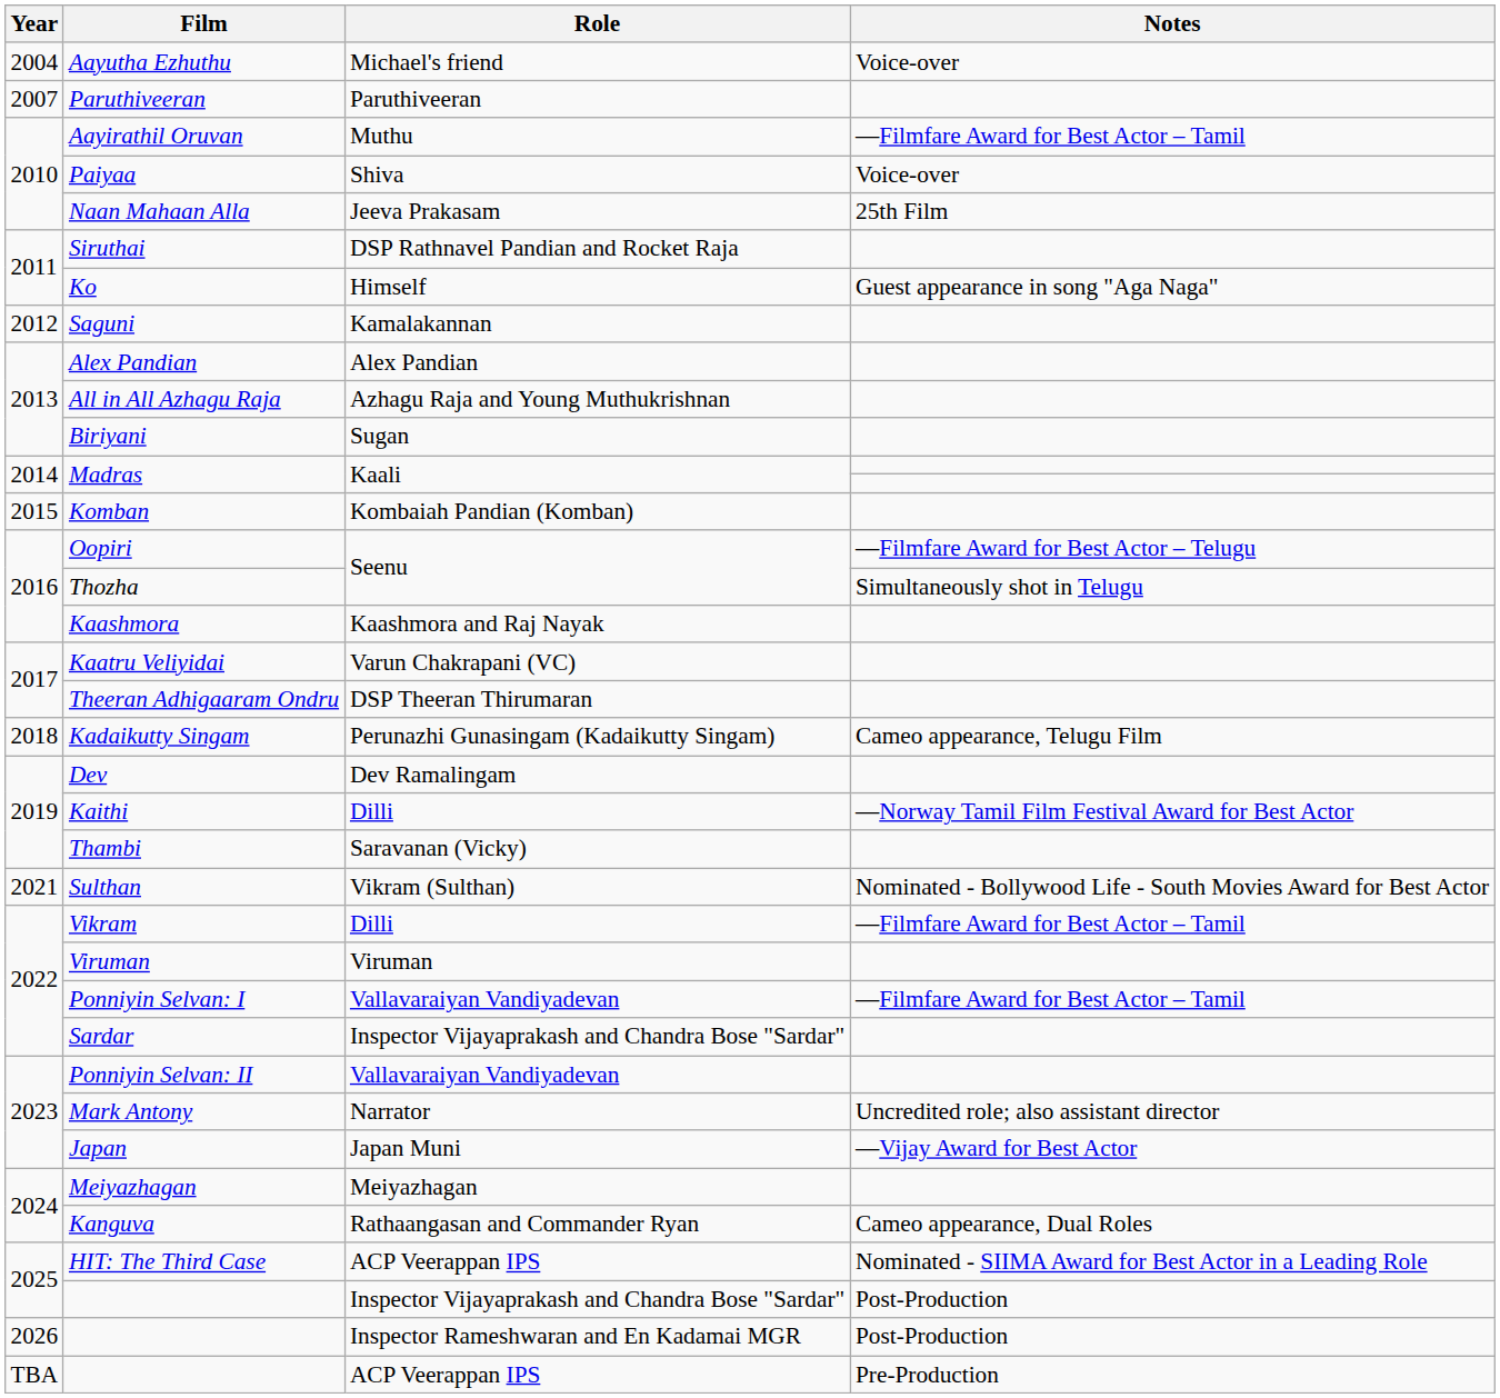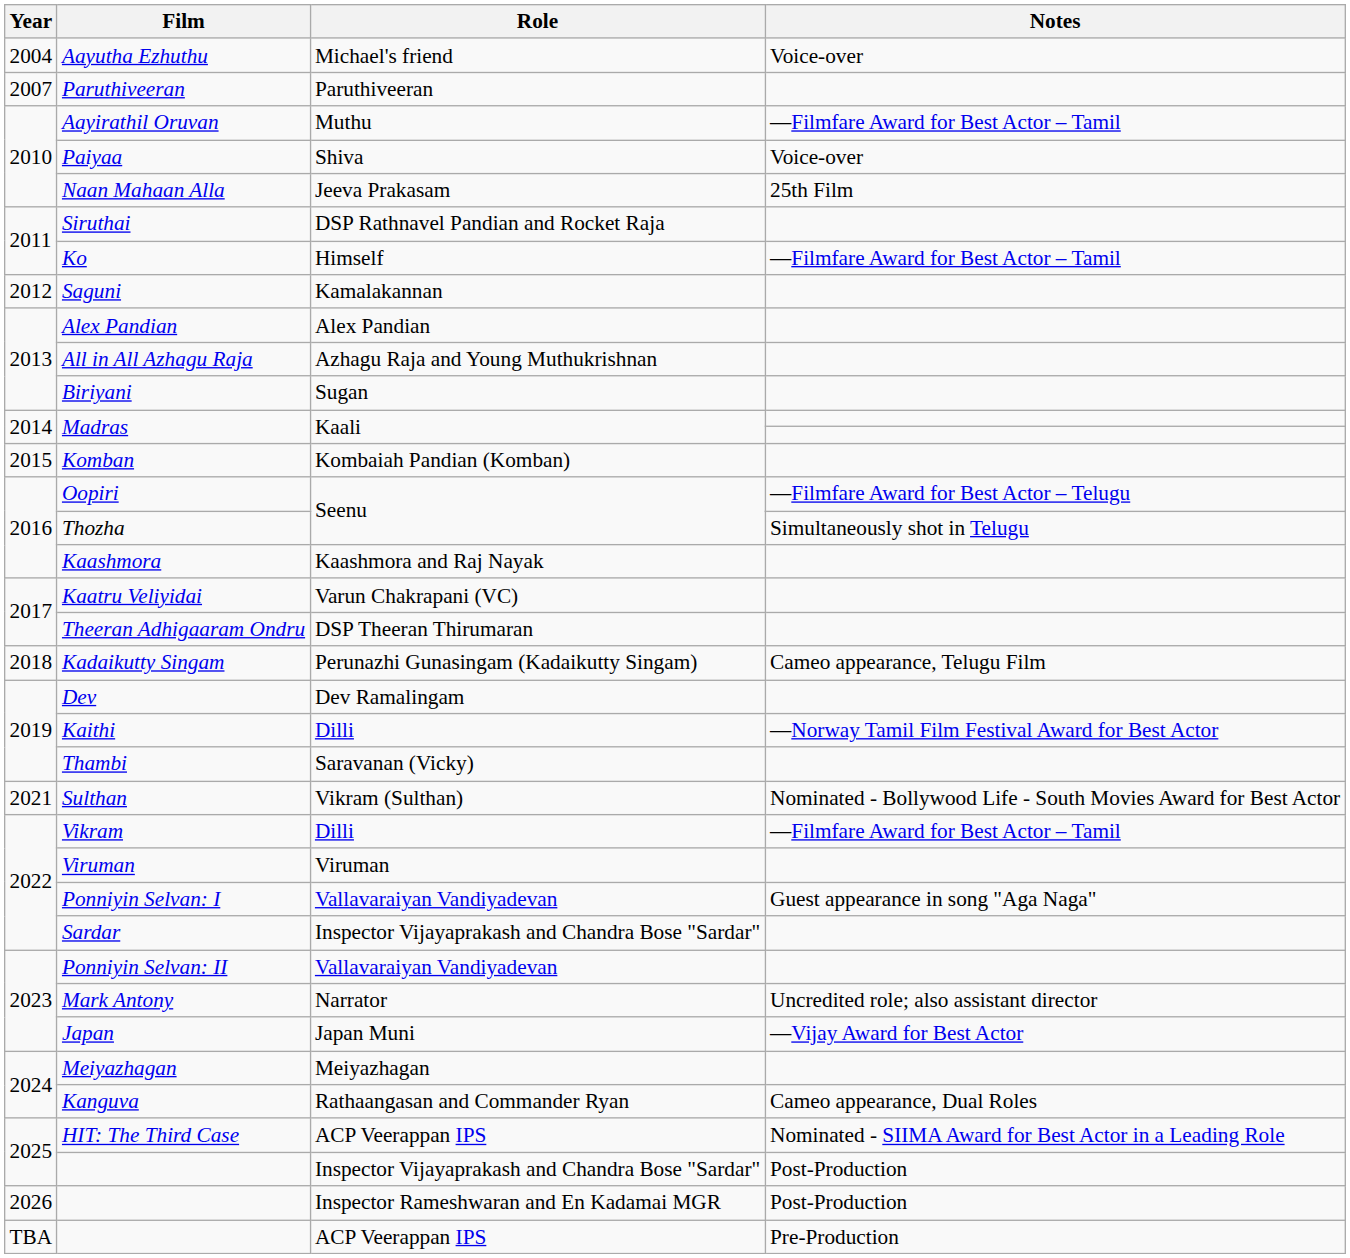 <table class="wikitable sortable">
 <tr>
 <th scope="col">Year</th>
 <th scope="col">Film</th>
 <th scope="col">Role</th>
 <th scope="col" class="unsortable">Notes</th>
 </tr>
 <tr>
 <td>2004</td>
 <td><em><a href='#'>Aayutha Ezhuthu</a></em></td>
 <td>Michael's friend</td>
 <td>Voice-over</td>
 </tr>
 <tr>
 <td>2007</td>
 <td><em><a href='#'>Paruthiveeran</a></em></td>
 <td>Paruthiveeran</td>
 <td></td>
 </tr>
 <tr>
 <td rowspan="3">2010</td>
 <td><em><a href='#'>Aayirathil Oruvan</a></em></td>
 <td>Muthu</td>
 <td>—<a href='#'>Filmfare Award for Best Actor – Tamil</a></td>
 </tr>
 <tr>
 <td><em><a href='#'>Paiyaa</a></em></td>
 <td>Shiva</td>
 <td>Voice-over</td>
 </tr>
 <tr>
 <td><em><a href='#'>Naan Mahaan Alla</a></em></td>
 <td>Jeeva Prakasam</td>
 <td>25th Film</td>
 </tr>
 <tr>
 <td rowspan="2">2011</td>
 <td><em><a href='#'>Siruthai</a></em></td>
 <td>DSP Rathnavel Pandian and Rocket Raja</td>
 <td></td>
 </tr>
 <tr>
 <td><em><a href='#'>Ko</a></em></td>
 <td>Himself</td>
-<td>Guest appearance in song "Aga Naga"</td>
+<td>—<a href='#'>Filmfare Award for Best Actor – Tamil</a></td>
 </tr>
 <tr>
 <td>2012</td>
 <td><em><a href='#'>Saguni</a></em></td>
 <td>Kamalakannan</td>
 <td></td>
 </tr>
 <tr>
 <td rowspan="3">2013</td>
 <td><em><a href='#'>Alex Pandian</a></em></td>
 <td>Alex Pandian</td>
 <td></td>
 </tr>
 <tr>
 <td><em><a href='#'>All in All Azhagu Raja</a></em></td>
 <td>Azhagu Raja and Young Muthukrishnan</td>
 <td></td>
 </tr>
 <tr>
 <td><em><a href='#'>Biriyani</a></em></td>
 <td>Sugan</td>
 <td></td>
 </tr>
 <tr>
 <td rowspan=2>2014</td>
 <td rowspan=2><em><a href='#'>Madras</a></em></td>
 <td rowspan=2>Kaali</td>
 <td></td>
 </tr>
 <tr>
 <td></td>
 </tr>
 <tr>
 <td>2015</td>
 <td><em><a href='#'>Komban</a></em></td>
 <td>Kombaiah Pandian (Komban)</td>
 <td></td>
 </tr>
 <tr>
 <td rowspan="4">2016</td>
 <td rowspan=2><em><a href='#'>Oopiri</a></em></td>
 <td rowspan="3">Seenu</td>
 <td>—<a href='#'>Filmfare Award for Best Actor – Telugu</a></td>
 </tr>
 <tr>
 <td rowspan="2">Simultaneously shot in <a href='#'>Telugu</a></td>
 </tr>
 <tr>
 <td><em>Thozha</em></td>
 </tr>
 <tr>
 <td><em><a href='#'>Kaashmora</a></em></td>
 <td>Kaashmora and Raj Nayak</td>
 <td></td>
 </tr>
 <tr>
 <td rowspan="2">2017</td>
 <td><em><a href='#'>Kaatru Veliyidai</a></em></td>
 <td>Varun Chakrapani (VC)</td>
 <td></td>
 </tr>
 <tr>
 <td><em><a href='#'>Theeran Adhigaaram Ondru</a></em></td>
 <td>DSP Theeran Thirumaran</td>
 <td></td>
 </tr>
 <tr>
 <td>2018</td>
 <td><em><a href='#'>Kadaikutty Singam</a></em></td>
 <td>Perunazhi Gunasingam (Kadaikutty Singam)</td>
 <td>Cameo appearance, Telugu Film</td>
 </tr>
 <tr>
 <td rowspan="3">2019</td>
 <td><em><a href='#'>Dev</a></em></td>
 <td>Dev Ramalingam</td>
 <td></td>
 </tr>
 <tr>
 <td><em><a href='#'>Kaithi</a></em></td>
 <td><a href='#'>Dilli</a></td>
 <td>—<a href='#'>Norway Tamil Film Festival Award for Best Actor</a></td>
 </tr>
 <tr>
 <td><em><a href='#'>Thambi</a></em></td>
 <td>Saravanan  (Vicky)</td>
 <td></td>
 </tr>
 <tr>
 <td rowspan=1>2021</td>
 <td><em><a href='#'>Sulthan</a></em></td>
 <td>Vikram (Sulthan)</td>
 <td>Nominated - Bollywood Life - South Movies Award for Best Actor</td>
 </tr>
 <tr>
 <td rowspan="4">2022</td>
 <td><em><a href='#'>Vikram</a></em></td>
 <td><a href='#'>Dilli</a></td>
 <td>—<a href='#'>Filmfare Award for Best Actor – Tamil</a></td>
 </tr>
 <tr>
 <td><em><a href='#'>Viruman</a></em></td>
 <td>Viruman</td>
 <td></td>
 </tr>
 <tr>
 <td><em><a href='#'>Ponniyin Selvan: I</a></em></td>
 <td><a href='#'>Vallavaraiyan Vandiyadevan</a></td>
-<td>—<a href='#'>Filmfare Award for Best Actor – Tamil</a></td>
+<td>Guest appearance in song "Aga Naga"</td>
 </tr>
 <tr>
 <td><em><a href='#'>Sardar</a></em></td>
 <td>Inspector Vijayaprakash and Chandra Bose "Sardar"</td>
 <td></td>
 </tr>
 <tr>
 <td rowspan="3">2023</td>
 <td><em><a href='#'>Ponniyin Selvan: II</a></em></td>
 <td><a href='#'>Vallavaraiyan Vandiyadevan</a></td>
 <td></td>
 </tr>
 <tr>
 <td><em><a href='#'>Mark Antony</a></em></td>
 <td>Narrator</td>
 <td>Uncredited role; also assistant director</td>
 </tr>
 <tr>
 <td><em><a href='#'>Japan</a></em></td>
 <td>Japan Muni</td>
 <td>—<a href='#'>Vijay Award for Best Actor</a></td>
 </tr>
 <tr>
 <td rowspan="2">2024</td>
 <td><em><a href='#'>Meiyazhagan</a></em></td>
 <td>Meiyazhagan</td>
 <td></td>
 </tr>
 <tr>
 <td><em><a href='#'>Kanguva</a></em></td>
 <td>Rathaangasan and Commander Ryan</td>
 <td>Cameo appearance, Dual Roles</td>
 </tr>
 <tr>
 <td rowspan="2">2025</td>
 <td><em><a href='#'>HIT: The Third Case</a></em></td>
 <td>ACP Veerappan <a href='#'>IPS</a></td>
 <td>Nominated - <a href='#'>SIIMA Award for Best Actor in a Leading Role</a></td>
 </tr>
 <tr>
 <td></td>
 <td>Inspector Vijayaprakash and Chandra Bose "Sardar"</td>
 <td>Post-Production</td>
 </tr>
 <tr>
 <td rowspan="1">2026</td>
 <td></td>
 <td>Inspector Rameshwaran and En Kadamai MGR</td>
 <td>Post-Production</td>
 </tr>
 <tr>
 <td rowspan="1">TBA</td>
 <td></td>
 <td>ACP Veerappan <a href='#'>IPS</a></td>
 <td>Pre-Production</td>
 </tr>
 </table>
